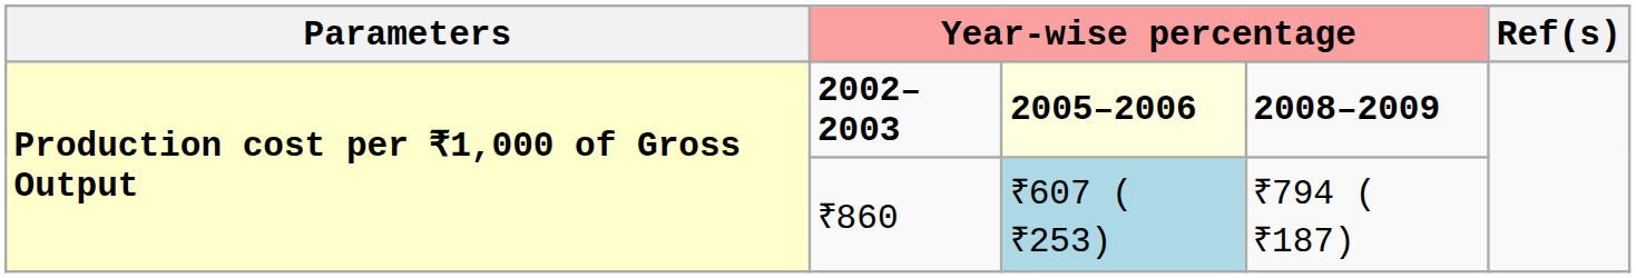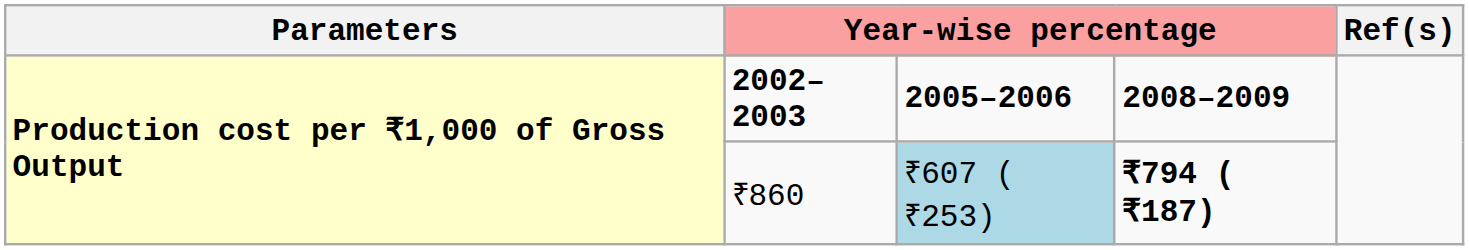 <table class="wikitable">
 <tr>
 <th>Parameters</th>
 <th colspan="3" style="background: #FAA0A0;">Year-wise percentage</th>
 <th>Ref(s)</th>
 </tr>
 <tr>
 <td rowspan="2" style="background:#FFFFCC";><strong>Production cost per ₹1,000 of Gross Output</strong></td>
 <td colspan="1"><strong>2002–2003</strong></td>
-<td colspan="1" style="background: lightyellow;"><strong>2005–2006</strong></td>
+<td colspan="1"><strong>2005–2006</strong></td>
 <td colspan="1"><strong>2008–2009</strong></td>
 <td rowspan="2"></td>
 </tr>
 <tr>
 <td colspan="1">₹860</td>
 <td colspan="1" style="background: lightblue;">₹607 ( ₹253)</td>
-<td colspan="1">₹794 ( ₹187)</td>
+<td colspan="1"><strong>₹794 ( ₹187)</strong></td>
 </tr>
 </table>
